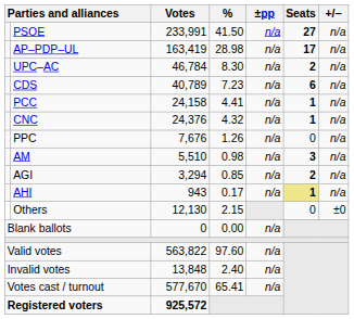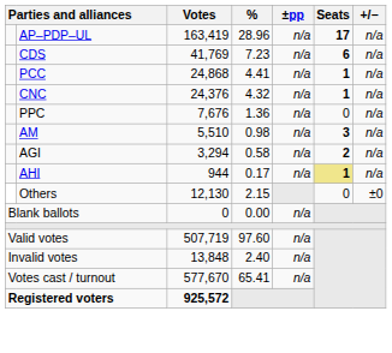 <table class="wikitable" style="text-align:right;">
 <tr>
 <th style="text-align:left;" colspan="2" width="200">Parties and alliances</th>
 <th width="75">Votes</th>
 <th width="45">%</th>
 <th width="45">±<a href='#'>pp</a></th>
 <th width="35">Seats</th>
 <th width="35">+/−</th>
 </tr>
 <tr>
-<td width="1" style="color:inherit;background:"></td>
-<td align="left"><a href='#'>PSOE</a></td>
-<td>233,991</td>
-<td>41.50</td>
-<td><em><a href='#'>n/a</a></em></td>
-<td><strong>27</strong></td>
-<td><em>n/a</em></td>
-</tr>
-<tr>
 <td style="color:inherit;background:"></td>
 <td align="left"><a href='#'>AP–PDP–UL</a></td>
 <td>163,419</td>
-<td>28.98</td>
+<td>28.96</td>
 <td><em>n/a</em></td>
 <td><strong>17</strong></td>
 <td><em>n/a</em></td>
 </tr>
 <tr>
 <td style="color:inherit;background:"></td>
-<td align="left"><a href='#'>UPC</a>–<a href='#'>AC</a></td>
-<td>46,784</td>
-<td>8.30</td>
-<td><em>n/a</em></td>
-<td><strong>2</strong></td>
-<td><em>n/a</em></td>
-</tr>
-<tr>
-<td style="color:inherit;background:"></td>
 <td align="left"><a href='#'>CDS</a></td>
-<td>40,789</td>
+<td>41,769</td>
 <td>7.23</td>
 <td><em>n/a</em></td>
 <td><strong>6</strong></td>
 <td><em>n/a</em></td>
 </tr>
 <tr>
 <td style="color:inherit;background:"></td>
 <td align="left"><a href='#'>PCC</a></td>
-<td>24,158</td>
+<td>24,868</td>
 <td>4.41</td>
 <td><em>n/a</em></td>
 <td><strong>1</strong></td>
 <td><em>n/a</em></td>
 </tr>
 <tr>
 <td style="color:inherit;background:"></td>
 <td align="left"><a href='#'>CNC</a></td>
 <td>24,376</td>
 <td>4.32</td>
 <td><em>n/a</em></td>
 <td><strong>1</strong></td>
 <td><em>n/a</em></td>
 </tr>
 <tr>
 <td style="color:inherit;background:"></td>
 <td align="left">PPC</td>
 <td>7,676</td>
-<td>1.26</td>
+<td>1.36</td>
 <td><em>n/a</em></td>
 <td>0</td>
 <td><em>n/a</em></td>
 </tr>
 <tr>
 <td style="color:inherit;background:"></td>
 <td align="left"><a href='#'>AM</a></td>
 <td>5,510</td>
 <td>0.98</td>
 <td><em>n/a</em></td>
 <td><strong>3</strong></td>
 <td><em>n/a</em></td>
 </tr>
 <tr>
 <td style="color:inherit;background:"></td>
 <td align="left">AGI</td>
 <td>3,294</td>
-<td>0.85</td>
+<td>0.58</td>
 <td><em>n/a</em></td>
 <td><strong>2</strong></td>
 <td><em>n/a</em></td>
 </tr>
 <tr>
 <td style="color:inherit;background:"></td>
 <td align="left"><a href='#'>AHI</a></td>
-<td>943</td>
+<td>944</td>
 <td>0.17</td>
 <td><em>n/a</em></td>
 <td style="background: khaki;"><strong>1</strong></td>
 <td><em>n/a</em></td>
 </tr>
 <tr>
 <td bgcolor="white"></td>
 <td align="left">Others</td>
 <td>12,130</td>
 <td>2.15</td>
 <td bgcolor="#E9E9E9"></td>
 <td>0</td>
 <td>±0</td>
 </tr>
 <tr>
 <td align="left" colspan="2">Blank ballots</td>
 <td>0</td>
 <td>0.00</td>
 <td><em>n/a</em></td>
 <td bgcolor="#E9E9E9" colspan="2"></td>
 </tr>
 <tr>
 <td colspan="7" bgcolor="#E9E9E9"></td>
 </tr>
 <tr>
 <td align="left" colspan="2">Valid votes</td>
-<td>563,822</td>
+<td>507,719</td>
 <td>97.60</td>
 <td><em>n/a</em></td>
 <td bgcolor="#E9E9E9" colspan="2" rowspan="4"></td>
 </tr>
 <tr>
 <td align="left" colspan="2">Invalid votes</td>
 <td>13,848</td>
 <td>2.40</td>
 <td><em>n/a</em></td>
 </tr>
 <tr>
 <td align="left" colspan="2">Votes cast / turnout</td>
 <td>577,670</td>
 <td>65.41</td>
 <td><em>n/a</em></td>
 </tr>
 <tr style="font-weight:bold;">
 <td align="left" colspan="2">Registered voters</td>
 <td>925,572</td>
 <td bgcolor="#E9E9E9" colspan="2"></td>
 </tr>
 </table>
